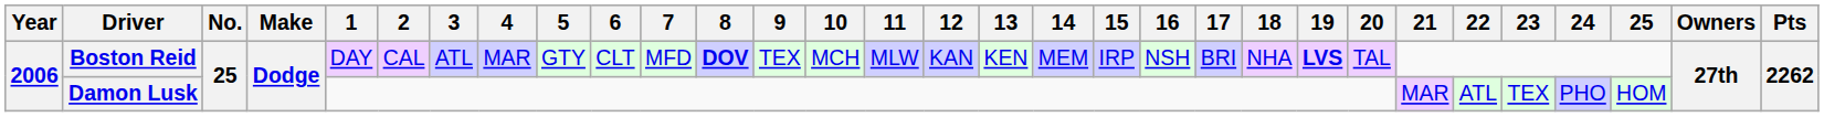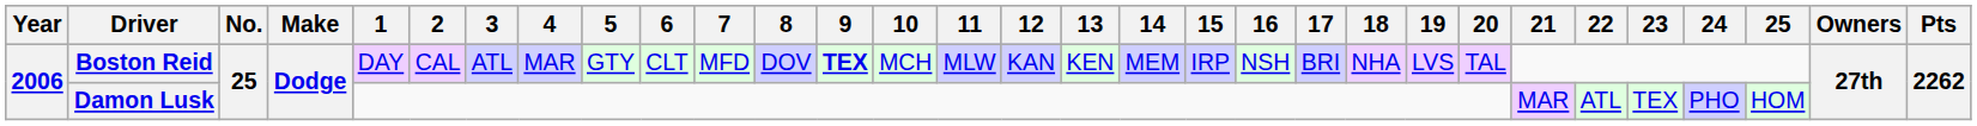 <table class="wikitable" style="text-align:center; font-size:75%">
 <tr>
 <th>Year</th>
 <th>Driver</th>
 <th>No.</th>
 <th>Make</th>
 <th>1</th>
 <th>2</th>
 <th>3</th>
 <th>4</th>
 <th>5</th>
 <th>6</th>
 <th>7</th>
 <th>8</th>
 <th>9</th>
 <th>10</th>
 <th>11</th>
 <th>12</th>
 <th>13</th>
 <th>14</th>
 <th>15</th>
 <th>16</th>
 <th>17</th>
 <th>18</th>
 <th>19</th>
 <th>20</th>
 <th>21</th>
 <th>22</th>
 <th>23</th>
 <th>24</th>
 <th>25</th>
 <th>Owners</th>
 <th>Pts</th>
 </tr>
 <tr>
 <th rowspan=2><a href='#'>2006</a></th>
 <th><a href='#'>Boston Reid</a></th>
 <th rowspan=2>25</th>
 <th rowspan=2><a href='#'>Dodge</a></th>
 <td style="background:#EFCFFF;"><a href='#'>DAY</a><br></td>
 <td style="background:#EFCFFF;"><a href='#'>CAL</a><br></td>
 <td style="background:#CFCFFF;"><a href='#'>ATL</a><br></td>
 <td style="background:#CFCFFF;"><a href='#'>MAR</a><br></td>
 <td style="background:#DFFFDF;"><a href='#'>GTY</a><br></td>
 <td style="background:#DFFFDF;"><a href='#'>CLT</a><br></td>
 <td style="background:#DFFFDF;"><a href='#'>MFD</a><br></td>
-<td style="background:#CFCFFF;"><strong><a href='#'>DOV</a><br></strong></td>
-<td style="background:#DFFFDF;"><a href='#'>TEX</a><br></td>
+<td style="background:#CFCFFF;"><a href='#'>DOV</a><br></td>
+<td style="background:#DFFFDF;"><strong><a href='#'>TEX</a><br></strong></td>
 <td style="background:#DFFFDF;"><a href='#'>MCH</a><br></td>
 <td style="background:#CFCFFF;"><a href='#'>MLW</a><br></td>
 <td style="background:#CFCFFF;"><a href='#'>KAN</a><br></td>
 <td style="background:#DFFFDF;"><a href='#'>KEN</a><br></td>
 <td style="background:#CFCFFF;"><a href='#'>MEM</a><br></td>
 <td style="background:#CFCFFF;"><a href='#'>IRP</a><br></td>
 <td style="background:#DFFFDF;"><a href='#'>NSH</a><br></td>
 <td style="background:#CFCFFF;"><a href='#'>BRI</a><br></td>
 <td style="background:#EFCFFF;"><a href='#'>NHA</a><br></td>
-<td style="background:#EFCFFF;"><strong><a href='#'>LVS</a><br></strong></td>
+<td style="background:#EFCFFF;"><a href='#'>LVS</a><br></td>
 <td style="background:#EFCFFF;"><a href='#'>TAL</a><br></td>
 <td colspan=5></td>
 <th rowspan=2>27th</th>
 <th rowspan=2>2262</th>
 </tr>
 <tr>
 <th><a href='#'>Damon Lusk</a></th>
 <td colspan=20></td>
 <td style="background:#EFCFFF;"><a href='#'>MAR</a><br></td>
 <td style="background:#DFFFDF;"><a href='#'>ATL</a><br></td>
 <td style="background:#DFFFDF;"><a href='#'>TEX</a><br></td>
 <td style="background:#CFCFFF;"><a href='#'>PHO</a><br></td>
 <td style="background:#DFFFDF;"><a href='#'>HOM</a><br></td>
 </tr>
 </table>
